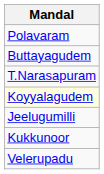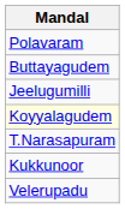 <table class="wikitable sortable static-row-numbers static-row-header-hash">
 <tr>
 <th>Mandal</th>
 </tr>
 <tr>
 <td><a href='#'>Polavaram</a></td>
 </tr>
 <tr>
 <td><a href='#'>Buttayagudem</a></td>
 </tr>
 <tr>
-<td><a href='#'>T.Narasapuram</a></td>
+<td><a href='#'>Jeelugumilli</a></td>
 </tr>
 <tr>
 <td style="background: lightyellow;"><a href='#'>Koyyalagudem</a></td>
 </tr>
 <tr>
-<td><a href='#'>Jeelugumilli</a></td>
+<td><a href='#'>T.Narasapuram</a></td>
 </tr>
 <tr>
 <td><a href='#'>Kukkunoor</a></td>
 </tr>
 <tr>
 <td><a href='#'>Velerupadu</a></td>
 </tr>
 </table>
